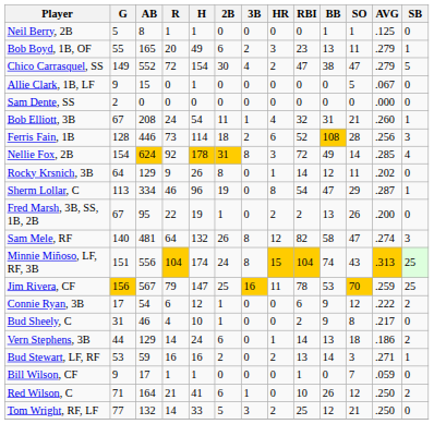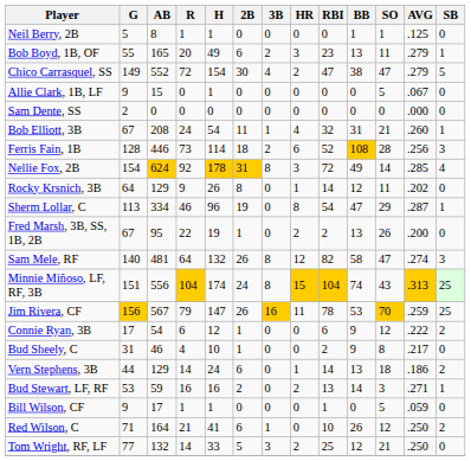 <table class="wikitable sortable">
 <tr>
 <th width="24%">Player</th>
 <th width="6%">G</th>
 <th width="6%">AB</th>
 <th width="6%">R</th>
 <th width="6%">H</th>
 <th width="6%">2B</th>
 <th width="6%">3B</th>
 <th width="6%">HR</th>
 <th width="6%">RBI</th>
 <th width="6%">BB</th>
 <th width="6%">SO</th>
 <th width="6%">AVG</th>
 <th width="6%">SB</th>
 </tr>
 <tr>
 <td><a href='#'>Neil Berry</a>, 2B</td>
 <td>5</td>
 <td>8</td>
 <td>1</td>
 <td>1</td>
 <td>0</td>
 <td>0</td>
 <td>0</td>
 <td>0</td>
 <td>1</td>
 <td>1</td>
 <td>.125</td>
 <td>0</td>
 </tr>
 <tr>
 <td><a href='#'>Bob Boyd</a>, 1B, OF</td>
 <td>55</td>
 <td>165</td>
 <td>20</td>
 <td>49</td>
 <td>6</td>
 <td>2</td>
 <td>3</td>
 <td>23</td>
 <td>13</td>
 <td>11</td>
 <td>.279</td>
 <td>1</td>
 </tr>
 <tr>
 <td><a href='#'>Chico Carrasquel</a>, SS</td>
 <td>149</td>
 <td>552</td>
 <td>72</td>
 <td>154</td>
 <td>30</td>
 <td>4</td>
 <td>2</td>
 <td>47</td>
 <td>38</td>
 <td>47</td>
 <td>.279</td>
 <td>5</td>
 </tr>
 <tr>
 <td><a href='#'>Allie Clark</a>, 1B, LF</td>
 <td>9</td>
 <td>15</td>
 <td>0</td>
 <td>1</td>
 <td>0</td>
 <td>0</td>
 <td>0</td>
 <td>0</td>
 <td>0</td>
 <td>5</td>
 <td>.067</td>
 <td>0</td>
 </tr>
 <tr>
 <td><a href='#'>Sam Dente</a>, SS</td>
 <td>2</td>
 <td>0</td>
 <td>0</td>
 <td>0</td>
 <td>0</td>
 <td>0</td>
 <td>0</td>
 <td>0</td>
 <td>0</td>
 <td>0</td>
 <td>.000</td>
 <td>0</td>
 </tr>
 <tr>
 <td><a href='#'>Bob Elliott</a>, 3B</td>
 <td>67</td>
 <td>208</td>
 <td>24</td>
 <td>54</td>
 <td>11</td>
 <td>1</td>
 <td>4</td>
 <td>32</td>
 <td>31</td>
 <td>21</td>
 <td>.260</td>
 <td>1</td>
 </tr>
 <tr>
 <td><a href='#'>Ferris Fain</a>, 1B</td>
 <td>128</td>
 <td>446</td>
 <td>73</td>
 <td>114</td>
 <td>18</td>
 <td>2</td>
 <td>6</td>
 <td>52</td>
 <td style="background:#fc0;">108</td>
 <td>28</td>
 <td>.256</td>
 <td>3</td>
 </tr>
 <tr>
 <td><a href='#'>Nellie Fox</a>, 2B</td>
 <td>154</td>
 <td style="background:#fc0;">624</td>
 <td>92</td>
 <td style="background:#fc0;">178</td>
 <td style="background:#fc0;">31</td>
 <td>8</td>
 <td>3</td>
 <td>72</td>
 <td>49</td>
 <td>14</td>
 <td>.285</td>
 <td>4</td>
 </tr>
 <tr>
 <td><a href='#'>Rocky Krsnich</a>, 3B</td>
 <td>64</td>
 <td>129</td>
 <td>9</td>
 <td>26</td>
 <td>8</td>
 <td>0</td>
 <td>1</td>
 <td>14</td>
 <td>12</td>
 <td>11</td>
 <td>.202</td>
 <td>0</td>
 </tr>
 <tr>
 <td><a href='#'>Sherm Lollar</a>, C</td>
 <td>113</td>
 <td>334</td>
 <td>46</td>
 <td>96</td>
 <td>19</td>
 <td>0</td>
 <td>8</td>
 <td>54</td>
 <td>47</td>
 <td>29</td>
 <td>.287</td>
 <td>1</td>
 </tr>
 <tr>
 <td><a href='#'>Fred Marsh</a>, 3B, SS, 1B, 2B</td>
 <td>67</td>
 <td>95</td>
 <td>22</td>
 <td>19</td>
 <td>1</td>
 <td>0</td>
 <td>2</td>
 <td>2</td>
 <td>13</td>
 <td>26</td>
 <td>.200</td>
 <td>0</td>
 </tr>
 <tr>
 <td><a href='#'>Sam Mele</a>, RF</td>
 <td>140</td>
 <td>481</td>
 <td>64</td>
 <td>132</td>
 <td>26</td>
 <td>8</td>
 <td>12</td>
 <td>82</td>
 <td>58</td>
 <td>47</td>
 <td>.274</td>
 <td>3</td>
 </tr>
 <tr>
 <td><a href='#'>Minnie Miñoso</a>, LF, RF, 3B</td>
 <td>151</td>
 <td>556</td>
 <td style="background:#fc0;">104</td>
 <td>174</td>
 <td>24</td>
 <td>8</td>
 <td style="background:#fc0;">15</td>
 <td style="background:#fc0;">104</td>
 <td>74</td>
 <td>43</td>
 <td style="background:#fc0;">.313</td>
 <td style="background:#DDFFDD;">25</td>
 </tr>
 <tr>
 <td><a href='#'>Jim Rivera</a>, CF</td>
 <td style="background:#fc0;">156</td>
 <td>567</td>
 <td>79</td>
 <td>147</td>
-<td>25</td>
+<td>26</td>
 <td style="background:#fc0;">16</td>
 <td>11</td>
 <td>78</td>
 <td>53</td>
 <td style="background:#fc0;">70</td>
 <td>.259</td>
 <td>25</td>
 </tr>
 <tr>
 <td><a href='#'>Connie Ryan</a>, 3B</td>
 <td>17</td>
 <td>54</td>
 <td>6</td>
 <td>12</td>
 <td>1</td>
 <td>0</td>
 <td>0</td>
 <td>6</td>
 <td>9</td>
 <td>12</td>
 <td>.222</td>
 <td>2</td>
 </tr>
 <tr>
 <td><a href='#'>Bud Sheely</a>, C</td>
 <td>31</td>
 <td>46</td>
 <td>4</td>
 <td>10</td>
 <td>1</td>
 <td>0</td>
 <td>0</td>
 <td>2</td>
 <td>9</td>
 <td>8</td>
 <td>.217</td>
 <td>0</td>
 </tr>
 <tr>
 <td><a href='#'>Vern Stephens</a>, 3B</td>
 <td>44</td>
 <td>129</td>
 <td>14</td>
 <td>24</td>
 <td>6</td>
 <td>0</td>
 <td>1</td>
 <td>14</td>
 <td>13</td>
 <td>18</td>
 <td>.186</td>
 <td>2</td>
 </tr>
 <tr>
 <td><a href='#'>Bud Stewart</a>, LF, RF</td>
 <td>53</td>
 <td>59</td>
 <td>16</td>
 <td>16</td>
 <td>2</td>
 <td>0</td>
 <td>2</td>
 <td>13</td>
 <td>14</td>
 <td>3</td>
 <td>.271</td>
 <td>1</td>
 </tr>
 <tr>
 <td><a href='#'>Bill Wilson</a>, CF</td>
 <td>9</td>
 <td>17</td>
 <td>1</td>
 <td>1</td>
 <td>0</td>
 <td>0</td>
 <td>0</td>
 <td>1</td>
 <td>0</td>
-<td>7</td>
+<td>5</td>
 <td>.059</td>
 <td>0</td>
 </tr>
 <tr>
 <td><a href='#'>Red Wilson</a>, C</td>
 <td>71</td>
 <td>164</td>
 <td>21</td>
 <td>41</td>
 <td>6</td>
 <td>1</td>
 <td>0</td>
 <td>10</td>
 <td>26</td>
 <td>12</td>
 <td>.250</td>
 <td>2</td>
 </tr>
 <tr>
 <td><a href='#'>Tom Wright</a>, RF, LF</td>
 <td>77</td>
 <td>132</td>
 <td>14</td>
 <td>33</td>
 <td>5</td>
 <td>3</td>
 <td>2</td>
 <td>25</td>
 <td>12</td>
 <td>21</td>
 <td>.250</td>
 <td>0</td>
 </tr>
 <tr>
 </tr>
 </table>
